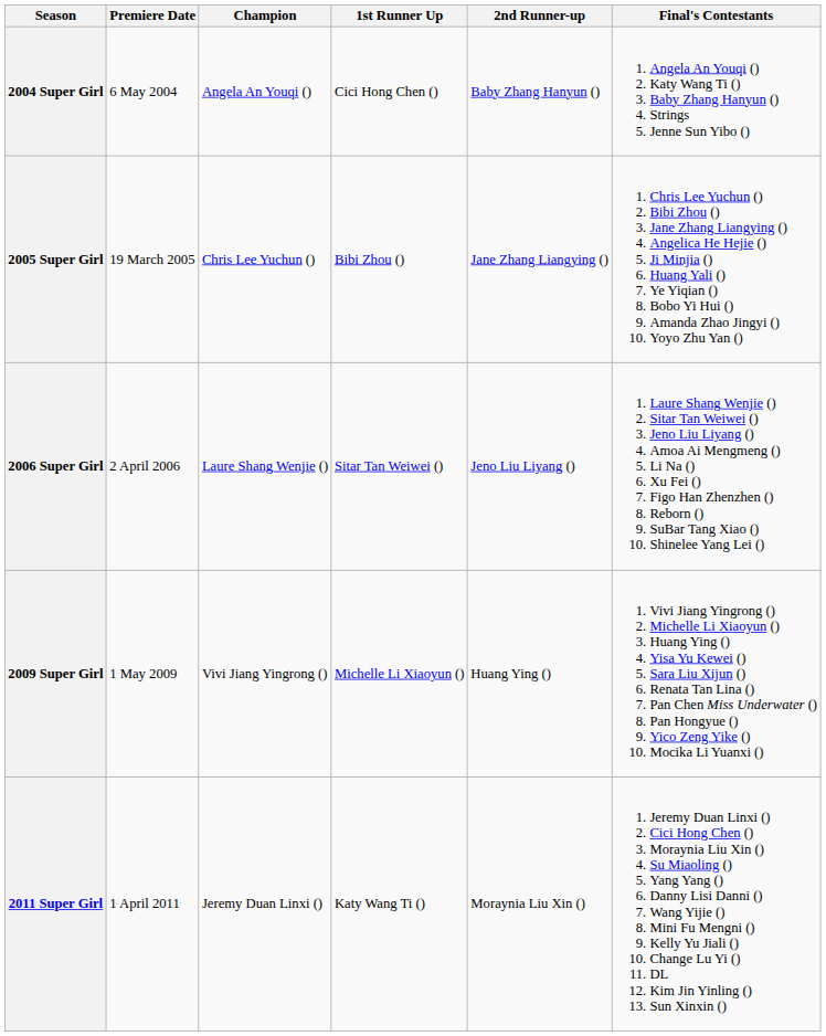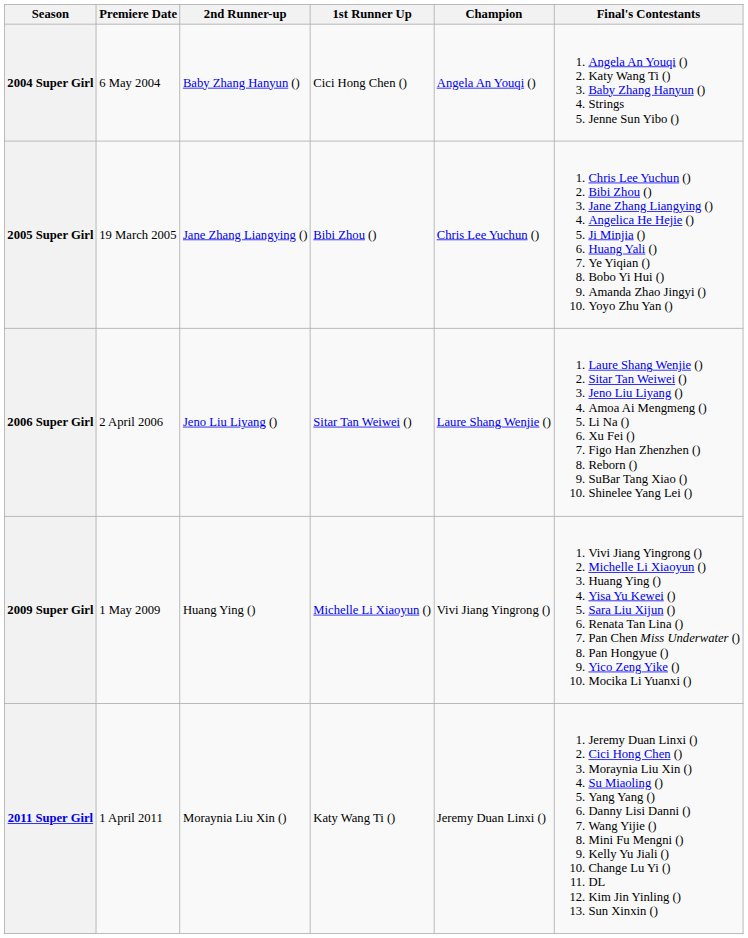 <table class="wikitable">
 <tr>
 <th align="center">Season</th>
 <th align="center">Premiere Date</th>
+<th align="center">2nd Runner-up</th>
+<th align="center">1st Runner Up</th>
 <th align="center">Champion</th>
-<th align="center">1st Runner Up</th>
-<th align="center">2nd Runner-up</th>
 <th align="center">Final's Contestants</th>
 </tr>
 <tr>
 <th>2004 Super Girl</th>
 <td>6 May 2004</td>
+<td><a href='#'>Baby Zhang Hanyun</a> ()</td>
+<td>Cici Hong Chen ()</td>
 <td><a href='#'>Angela An Youqi</a> ()</td>
-<td>Cici Hong Chen ()</td>
-<td><a href='#'>Baby Zhang Hanyun</a> ()</td>
 <td><br><ol><li><a href='#'>Angela An Youqi</a> ()</li><li>Katy Wang Ti ()</li><li><a href='#'>Baby Zhang Hanyun</a> ()</li><li>Strings</li><li>Jenne Sun Yibo ()</li></ol></td>
 </tr>
 <tr>
 <th>2005 Super Girl</th>
 <td>19 March 2005</td>
+<td><a href='#'>Jane Zhang Liangying</a> ()</td>
+<td><a href='#'>Bibi Zhou</a> ()</td>
 <td><a href='#'>Chris Lee Yuchun</a> ()</td>
-<td><a href='#'>Bibi Zhou</a> ()</td>
-<td><a href='#'>Jane Zhang Liangying</a> ()</td>
 <td><br><ol><li><a href='#'>Chris Lee Yuchun</a> ()</li><li><a href='#'>Bibi Zhou</a> ()</li><li><a href='#'>Jane Zhang Liangying</a> ()</li><li><a href='#'>Angelica He Hejie</a> ()</li><li><a href='#'>Ji Minjia</a> ()</li><li><a href='#'>Huang Yali</a> ()</li><li>Ye Yiqian ()</li><li>Bobo Yi Hui ()</li><li>Amanda Zhao Jingyi ()</li><li>Yoyo Zhu Yan ()</li></ol></td>
 </tr>
 <tr>
 <th>2006 Super Girl</th>
 <td>2 April 2006</td>
+<td><a href='#'>Jeno Liu Liyang</a> ()</td>
+<td><a href='#'>Sitar Tan Weiwei</a> ()</td>
 <td><a href='#'>Laure Shang Wenjie</a> ()</td>
-<td><a href='#'>Sitar Tan Weiwei</a> ()</td>
-<td><a href='#'>Jeno Liu Liyang</a> ()</td>
 <td><br><ol><li><a href='#'>Laure Shang Wenjie</a> ()</li><li><a href='#'>Sitar Tan Weiwei</a> ()</li><li><a href='#'>Jeno Liu Liyang</a> ()</li><li>Amoa Ai Mengmeng ()</li><li>Li Na ()</li><li>Xu Fei ()</li><li>Figo Han Zhenzhen ()</li><li>Reborn ()</li><li>SuBar Tang Xiao ()</li><li>Shinelee Yang Lei ()</li></ol></td>
 </tr>
 <tr>
 <th>2009 Super Girl</th>
 <td>1 May 2009</td>
+<td>Huang Ying ()</td>
+<td><a href='#'>Michelle Li Xiaoyun</a> ()</td>
 <td>Vivi Jiang Yingrong ()</td>
-<td><a href='#'>Michelle Li Xiaoyun</a> ()</td>
-<td>Huang Ying ()</td>
 <td><br><ol><li>Vivi Jiang Yingrong ()</li><li><a href='#'>Michelle Li Xiaoyun</a> ()</li><li>Huang Ying ()</li><li><a href='#'>Yisa Yu Kewei</a> ()</li><li><a href='#'>Sara Liu Xijun</a> ()</li><li>Renata Tan Lina ()</li><li>Pan Chen <em>Miss Underwater</em> ()</li><li>Pan Hongyue ()</li><li><a href='#'>Yico Zeng Yike</a> ()</li><li>Mocika Li Yuanxi ()</li></ol></td>
 </tr>
 <tr>
 <th><a href='#'>2011 Super Girl</a></th>
 <td>1 April 2011</td>
+<td>Moraynia Liu Xin ()</td>
+<td>Katy Wang Ti ()</td>
 <td>Jeremy Duan Linxi ()</td>
-<td>Katy Wang Ti ()</td>
-<td>Moraynia Liu Xin ()</td>
 <td><br><ol><li>Jeremy Duan Linxi ()</li><li><a href='#'>Cici Hong Chen</a> ()</li><li>Moraynia Liu Xin ()</li><li><a href='#'>Su Miaoling</a> ()</li><li>Yang Yang ()</li><li>Danny Lisi Danni ()</li><li>Wang Yijie ()</li><li>Mini Fu Mengni ()</li><li>Kelly Yu Jiali ()</li><li>Change Lu Yi ()</li><li>DL</li><li>Kim Jin Yinling ()</li><li>Sun Xinxin ()</li></ol></td>
 </tr>
 </table>
